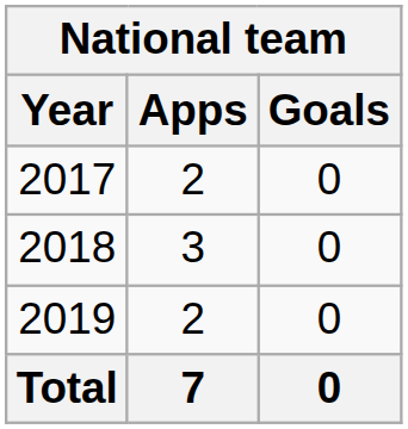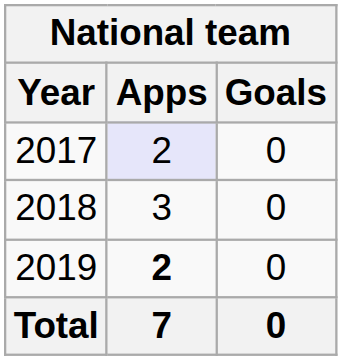 <table class="wikitable" style="text-align:center">
 <tr>
 <th colspan=3>National team</th>
 </tr>
 <tr>
 <th>Year</th>
 <th>Apps</th>
 <th>Goals</th>
 </tr>
 <tr>
 <td>2017</td>
-<td>2</td>
+<td style="background: lavender;">2</td>
 <td>0</td>
 </tr>
 <tr>
 <td>2018</td>
 <td>3</td>
 <td>0</td>
 </tr>
 <tr>
 <td>2019</td>
-<td>2</td>
+<td><strong>2</strong></td>
 <td>0</td>
 </tr>
 <tr>
 <th>Total</th>
 <th>7</th>
 <th>0</th>
 </tr>
 </table>
